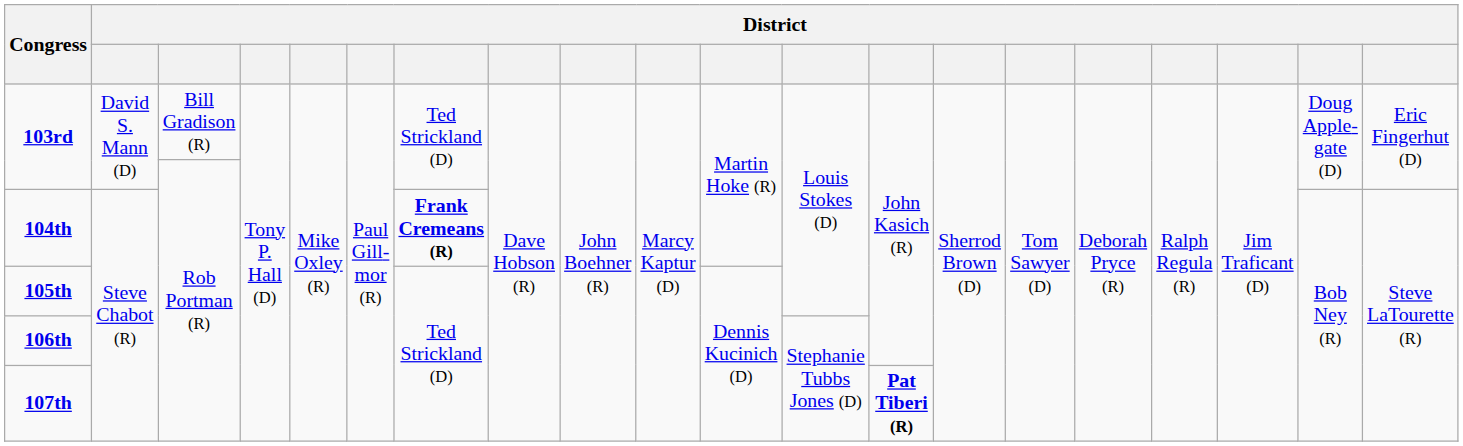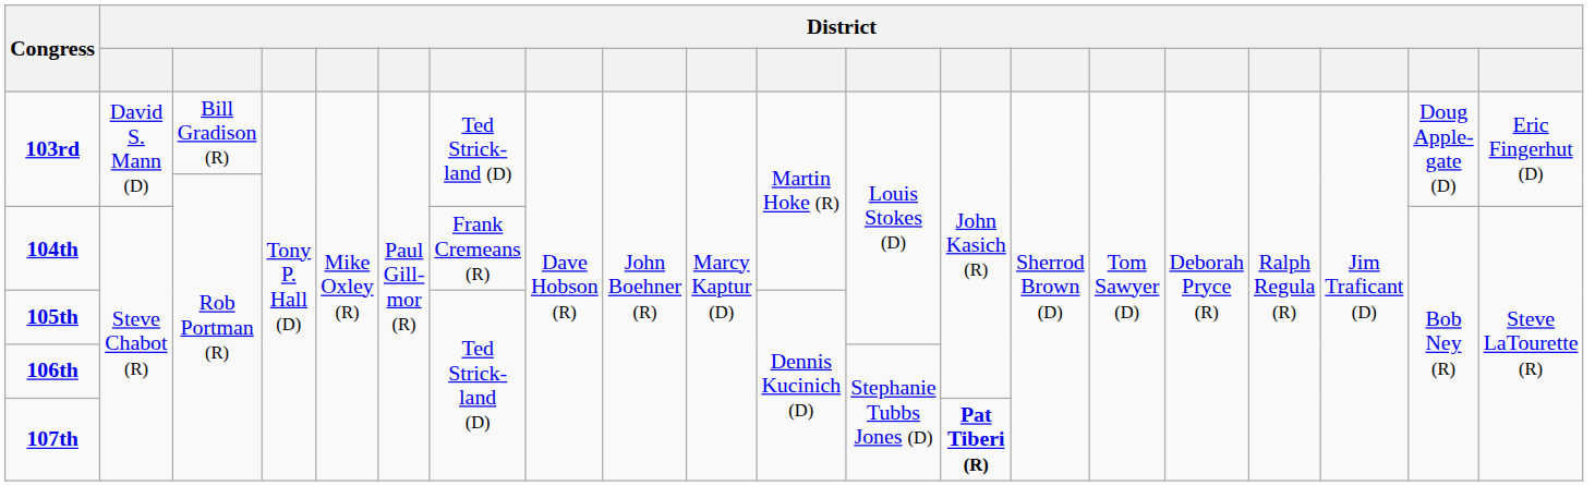 <table class=wikitable style="text-align:center">
 <tr style="height:2em">
 <th rowspan=2>Congress</th>
 <th colspan=19>District</th>
 </tr>
 <tr style="height:2em">
 <th></th>
 <th></th>
 <th></th>
 <th></th>
 <th></th>
 <th></th>
 <th></th>
 <th></th>
 <th></th>
 <th></th>
 <th></th>
 <th></th>
 <th></th>
 <th></th>
 <th></th>
 <th></th>
 <th></th>
 <th></th>
 <th></th>
 </tr>
 <tr style="height:2em">
 <td rowspan=2><strong><a href='#'>103rd</a></strong> </td>
 <td rowspan=2 ><a href='#'>David S.<br>Mann</a> <small>(D)</small></td>
 <td><a href='#'>Bill Gradison</a> <small>(R)</small></td>
 <td rowspan=6 ><a href='#'>Tony P.<br>Hall</a><br><small>(D)</small></td>
 <td rowspan=6 ><a href='#'>Mike<br>Oxley</a><br><small>(R)</small></td>
 <td rowspan=6 ><a href='#'>Paul<br>Gill­mor</a><br><small>(R)</small></td>
 <td rowspan=2 ><a href='#'>Ted<br>Strick­land</a> <small>(D)</small></td>
 <td rowspan=6 ><a href='#'>Dave<br>Hobson</a><br><small>(R)</small></td>
 <td rowspan=6 ><a href='#'>John<br>Boehner</a><br><small>(R)</small></td>
 <td rowspan=6 ><a href='#'>Marcy<br>Kaptur</a><br><small>(D)</small></td>
 <td rowspan=3 ><a href='#'>Martin<br>Hoke</a> <small>(R)</small></td>
 <td rowspan=4 ><a href='#'>Louis<br>Stokes</a> <small>(D)</small></td>
 <td rowspan=5 ><a href='#'>John<br>Kasich</a><br><small>(R)</small></td>
 <td rowspan=6 ><a href='#'>Sherrod<br>Brown</a><br><small>(D)</small></td>
 <td rowspan=6 ><a href='#'>Tom<br>Sawyer</a><br><small>(D)</small></td>
 <td rowspan=6 ><a href='#'>Deborah<br>Pryce</a><br><small>(R)</small></td>
 <td rowspan=6 ><a href='#'>Ralph<br>Regula</a><br><small>(R)</small></td>
 <td rowspan=6 ><a href='#'>Jim<br>Traficant</a><br><small>(D)</small></td>
 <td rowspan=2 ><a href='#'>Doug<br>Apple­gate</a> <small>(D)</small></td>
 <td rowspan=2 ><a href='#'>Eric<br>Finger­hut</a> <small>(D)</small></td>
 </tr>
 <tr style="height:1.5em">
 <td rowspan=5 ><a href='#'>Rob<br>Portman</a><br><small>(R)</small></td>
 </tr>
 <tr style="height:2.5em">
 <td><strong><a href='#'>104th</a></strong> </td>
 <td rowspan=4 ><a href='#'>Steve<br>Chabot</a><br><small>(R)</small></td>
-<td><strong><a href='#'>Frank<br>Cremeans</a> <small>(R)</small></strong></td>
+<td><a href='#'>Frank<br>Cremeans</a> <small>(R)</small></td>
 <td rowspan=4 ><a href='#'>Bob<br>Ney</a> <small>(R)</small></td>
 <td rowspan=4 ><a href='#'>Steve<br>LaTourette</a><br><small>(R)</small></td>
 </tr>
 <tr style="height:2.5em">
 <td><strong><a href='#'>105th</a></strong> </td>
 <td rowspan=3 ><a href='#'>Ted<br>Strick­land</a><br><small>(D)</small></td>
 <td rowspan=3 ><a href='#'>Dennis<br>Kucinich</a><br><small>(D)</small></td>
 </tr>
 <tr style="height:2.5em">
 <td><strong><a href='#'>106th</a></strong> </td>
 <td rowspan=2 ><a href='#'>Stephanie<br>Tubbs<br>Jones</a> <small>(D)</small></td>
 </tr>
 <tr style="height:2.5em">
 <td><strong><a href='#'>107th</a></strong> </td>
 <td><strong><a href='#'>Pat Tiberi</a> <small>(R)</small></strong></td>
 </tr>
 </table>
